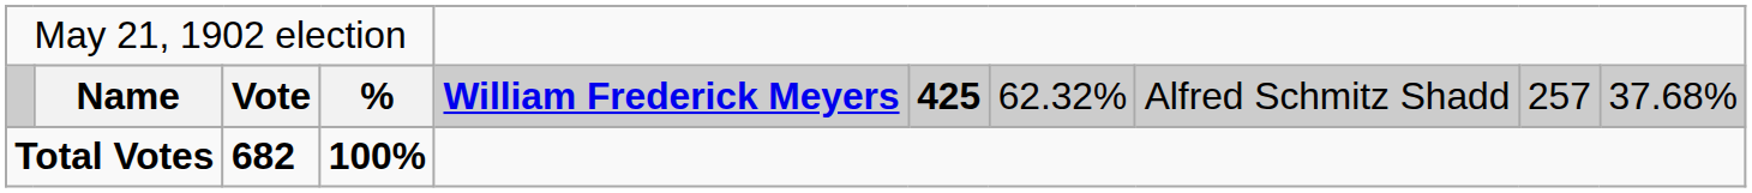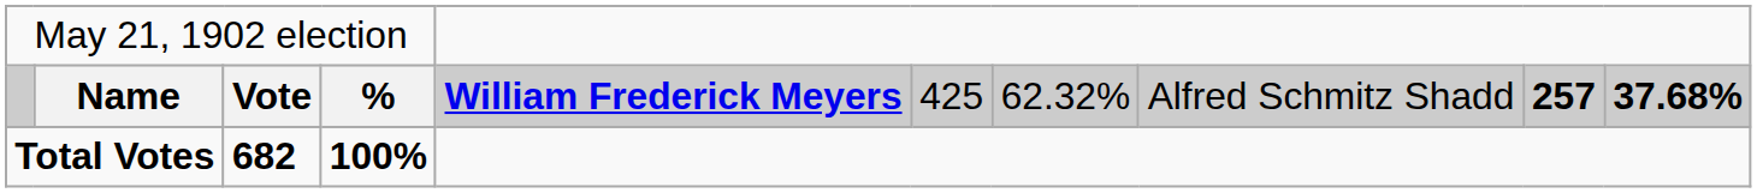 <table class="wikitable">
 <tr>
 <td colspan=4 align=center>May 21, 1902 election</td>
 </tr>
 <tr bgcolor="CCCCCC">
 <td></td>
 <th><strong>Name </strong></th>
 <th><strong>Vote</strong></th>
 <th><strong>%</strong><br></th>
 <td><strong><a href='#'>William Frederick Meyers</a></strong></td>
-<td><strong>425</strong></td>
+<td>425</td>
 <td>62.32%<br></td>
 <td>Alfred Schmitz Shadd</td>
-<td>257</td>
-<td>37.68%</td>
+<td><strong>257</strong></td>
+<td><strong>37.68%</strong></td>
 </tr>
 <tr>
 <td colspan=2><strong>Total Votes</strong></td>
 <td><strong>682</strong></td>
 <td><strong>100%</strong></td>
 </tr>
 </table>
